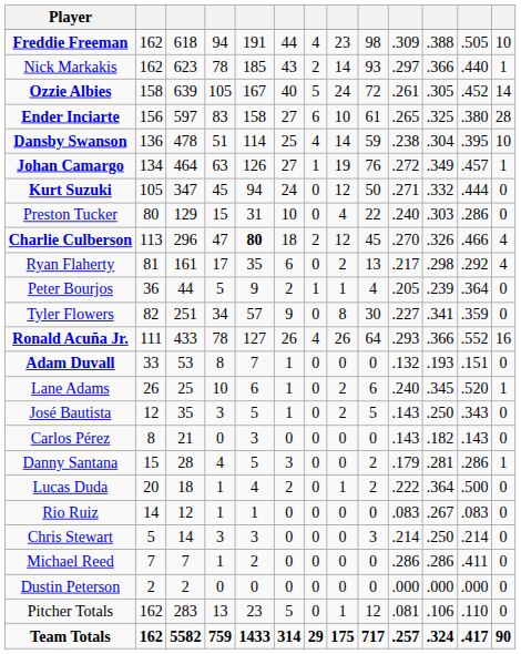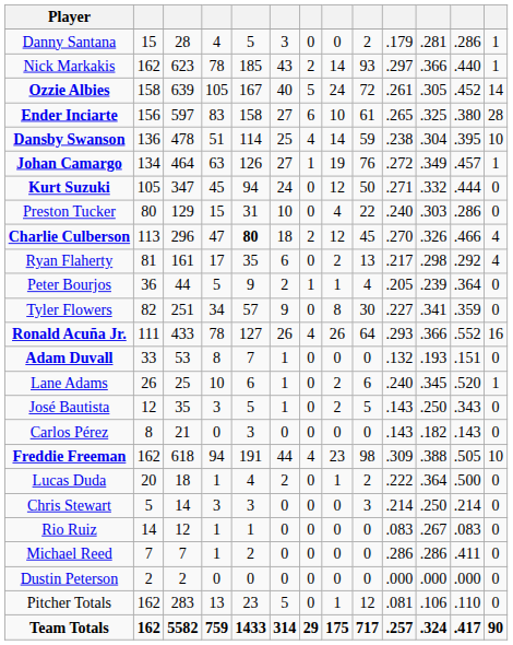 <table class="wikitable sortable" style="text-align:center;">
 <tr>
 <th>Player</th>
 <th></th>
 <th></th>
 <th></th>
 <th></th>
 <th></th>
 <th></th>
 <th></th>
 <th></th>
 <th></th>
 <th></th>
 <th></th>
 <th></th>
 </tr>
 <tr>
 </tr>
-<tr class="sortbottom|}">
-<td><strong><a href='#'>Freddie Freeman</a></strong></td>
-<td>162</td>
-<td>618</td>
-<td>94</td>
-<td>191</td>
-<td>44</td>
+<tr>
+<td><a href='#'>Danny Santana</a></td>
+<td>15</td>
+<td>28</td>
 <td>4</td>
-<td>23</td>
-<td>98</td>
-<td>.309</td>
-<td>.388</td>
-<td>.505</td>
-<td>10</td>
+<td>5</td>
+<td>3</td>
+<td>0</td>
+<td>0</td>
+<td>2</td>
+<td>.179</td>
+<td>.281</td>
+<td>.286</td>
+<td>1</td>
 </tr>
 <tr>
 <td><a href='#'>Nick Markakis</a></td>
 <td>162</td>
 <td>623</td>
 <td>78</td>
 <td>185</td>
 <td>43</td>
 <td>2</td>
 <td>14</td>
 <td>93</td>
 <td>.297</td>
 <td>.366</td>
 <td>.440</td>
 <td>1</td>
 </tr>
 <tr>
 <td><strong><a href='#'>Ozzie Albies</a></strong></td>
 <td>158</td>
 <td>639</td>
 <td>105</td>
 <td>167</td>
 <td>40</td>
 <td>5</td>
 <td>24</td>
 <td>72</td>
 <td>.261</td>
 <td>.305</td>
 <td>.452</td>
 <td>14</td>
 </tr>
 <tr>
 <td><strong><a href='#'>Ender Inciarte</a></strong></td>
 <td>156</td>
 <td>597</td>
 <td>83</td>
 <td>158</td>
 <td>27</td>
 <td>6</td>
 <td>10</td>
 <td>61</td>
 <td>.265</td>
 <td>.325</td>
 <td>.380</td>
 <td>28</td>
 </tr>
 <tr>
 <td><strong><a href='#'>Dansby Swanson</a></strong></td>
 <td>136</td>
 <td>478</td>
 <td>51</td>
 <td>114</td>
 <td>25</td>
 <td>4</td>
 <td>14</td>
 <td>59</td>
 <td>.238</td>
 <td>.304</td>
 <td>.395</td>
 <td>10</td>
 </tr>
 <tr>
 <td><strong><a href='#'>Johan Camargo</a></strong></td>
 <td>134</td>
 <td>464</td>
 <td>63</td>
 <td>126</td>
 <td>27</td>
 <td>1</td>
 <td>19</td>
 <td>76</td>
 <td>.272</td>
 <td>.349</td>
 <td>.457</td>
 <td>1</td>
 </tr>
 <tr>
 <td><strong><a href='#'>Kurt Suzuki</a></strong></td>
 <td>105</td>
 <td>347</td>
 <td>45</td>
 <td>94</td>
 <td>24</td>
 <td>0</td>
 <td>12</td>
 <td>50</td>
 <td>.271</td>
 <td>.332</td>
 <td>.444</td>
 <td>0</td>
 </tr>
 <tr>
 <td><a href='#'>Preston Tucker</a></td>
 <td>80</td>
 <td>129</td>
 <td>15</td>
 <td>31</td>
 <td>10</td>
 <td>0</td>
 <td>4</td>
 <td>22</td>
 <td>.240</td>
 <td>.303</td>
 <td>.286</td>
 <td>0</td>
 </tr>
 <tr>
 <td><strong><a href='#'>Charlie Culberson</a></strong></td>
 <td>113</td>
 <td>296</td>
 <td>47</td>
 <td><strong>80</strong></td>
 <td>18</td>
 <td>2</td>
 <td>12</td>
 <td>45</td>
 <td>.270</td>
 <td>.326</td>
 <td>.466</td>
 <td>4</td>
 </tr>
 <tr>
 <td><a href='#'>Ryan Flaherty</a></td>
 <td>81</td>
 <td>161</td>
 <td>17</td>
 <td>35</td>
 <td>6</td>
 <td>0</td>
 <td>2</td>
 <td>13</td>
 <td>.217</td>
 <td>.298</td>
 <td>.292</td>
 <td>4</td>
 </tr>
 <tr>
 <td><a href='#'>Peter Bourjos</a></td>
 <td>36</td>
 <td>44</td>
 <td>5</td>
 <td>9</td>
 <td>2</td>
 <td>1</td>
 <td>1</td>
 <td>4</td>
 <td>.205</td>
 <td>.239</td>
 <td>.364</td>
 <td>0</td>
 </tr>
 <tr>
 <td><a href='#'>Tyler Flowers</a></td>
 <td>82</td>
 <td>251</td>
 <td>34</td>
 <td>57</td>
 <td>9</td>
 <td>0</td>
 <td>8</td>
 <td>30</td>
 <td>.227</td>
 <td>.341</td>
 <td>.359</td>
 <td>0</td>
 </tr>
 <tr>
 <td><strong><a href='#'> Ronald Acuña Jr.</a></strong></td>
 <td>111</td>
 <td>433</td>
 <td>78</td>
 <td>127</td>
 <td>26</td>
 <td>4</td>
 <td>26</td>
 <td>64</td>
 <td>.293</td>
 <td>.366</td>
 <td>.552</td>
 <td>16</td>
 </tr>
 <tr>
 <td><strong><a href='#'>Adam Duvall</a></strong></td>
 <td>33</td>
 <td>53</td>
 <td>8</td>
 <td>7</td>
 <td>1</td>
 <td>0</td>
 <td>0</td>
 <td>0</td>
 <td>.132</td>
 <td>.193</td>
 <td>.151</td>
 <td>0</td>
 </tr>
 <tr>
 <td><a href='#'>Lane Adams</a></td>
 <td>26</td>
 <td>25</td>
 <td>10</td>
 <td>6</td>
 <td>1</td>
 <td>0</td>
 <td>2</td>
 <td>6</td>
 <td>.240</td>
 <td>.345</td>
 <td>.520</td>
 <td>1</td>
 </tr>
 <tr>
 <td><a href='#'>José Bautista</a></td>
 <td>12</td>
 <td>35</td>
 <td>3</td>
 <td>5</td>
 <td>1</td>
 <td>0</td>
 <td>2</td>
 <td>5</td>
 <td>.143</td>
 <td>.250</td>
 <td>.343</td>
 <td>0</td>
 </tr>
 <tr>
 <td><a href='#'>Carlos Pérez</a></td>
 <td>8</td>
 <td>21</td>
 <td>0</td>
 <td>3</td>
 <td>0</td>
 <td>0</td>
 <td>0</td>
 <td>0</td>
 <td>.143</td>
 <td>.182</td>
 <td>.143</td>
 <td>0</td>
 </tr>
-<tr>
-<td><a href='#'>Danny Santana</a></td>
-<td>15</td>
-<td>28</td>
+<tr class="sortbottom|}">
+<td><strong><a href='#'>Freddie Freeman</a></strong></td>
+<td>162</td>
+<td>618</td>
+<td>94</td>
+<td>191</td>
+<td>44</td>
 <td>4</td>
-<td>5</td>
-<td>3</td>
-<td>0</td>
-<td>0</td>
-<td>2</td>
-<td>.179</td>
-<td>.281</td>
-<td>.286</td>
-<td>1</td>
+<td>23</td>
+<td>98</td>
+<td>.309</td>
+<td>.388</td>
+<td>.505</td>
+<td>10</td>
 </tr>
 <tr>
 <td><a href='#'>Lucas Duda</a></td>
 <td>20</td>
 <td>18</td>
 <td>1</td>
 <td>4</td>
 <td>2</td>
 <td>0</td>
 <td>1</td>
 <td>2</td>
 <td>.222</td>
 <td>.364</td>
 <td>.500</td>
 <td>0</td>
 </tr>
 <tr>
+<td><a href='#'>Chris Stewart</a></td>
+<td>5</td>
+<td>14</td>
+<td>3</td>
+<td>3</td>
+<td>0</td>
+<td>0</td>
+<td>0</td>
+<td>3</td>
+<td>.214</td>
+<td>.250</td>
+<td>.214</td>
+<td>0</td>
+</tr>
+<tr>
 <td><a href='#'>Rio Ruiz</a></td>
 <td>14</td>
 <td>12</td>
 <td>1</td>
 <td>1</td>
 <td>0</td>
 <td>0</td>
 <td>0</td>
 <td>0</td>
 <td>.083</td>
 <td>.267</td>
 <td>.083</td>
-<td>0</td>
-</tr>
-<tr>
-<td><a href='#'>Chris Stewart</a></td>
-<td>5</td>
-<td>14</td>
-<td>3</td>
-<td>3</td>
-<td>0</td>
-<td>0</td>
-<td>0</td>
-<td>3</td>
-<td>.214</td>
-<td>.250</td>
-<td>.214</td>
 <td>0</td>
 </tr>
 <tr>
 <td><a href='#'>Michael Reed</a></td>
 <td>7</td>
 <td>7</td>
 <td>1</td>
 <td>2</td>
 <td>0</td>
 <td>0</td>
 <td>0</td>
 <td>0</td>
 <td>.286</td>
 <td>.286</td>
 <td>.411</td>
 <td>0</td>
 </tr>
 <tr>
 <td><a href='#'>Dustin Peterson</a></td>
 <td>2</td>
 <td>2</td>
 <td>0</td>
 <td>0</td>
 <td>0</td>
 <td>0</td>
 <td>0</td>
 <td>0</td>
 <td>.000</td>
 <td>.000</td>
 <td>.000</td>
 <td>0</td>
 </tr>
 <tr>
 <td>Pitcher Totals</td>
 <td>162</td>
 <td>283</td>
 <td>13</td>
 <td>23</td>
 <td>5</td>
 <td>0</td>
 <td>1</td>
 <td>12</td>
 <td>.081</td>
 <td>.106</td>
 <td>.110</td>
 <td>0</td>
 </tr>
 <tr>
 <td><strong>Team Totals</strong></td>
 <td><strong>162</strong></td>
 <td><strong>5582</strong></td>
 <td><strong>759</strong></td>
 <td><strong>1433</strong></td>
 <td><strong>314</strong></td>
 <td><strong>29</strong></td>
 <td><strong>175</strong></td>
 <td><strong>717</strong></td>
 <td><strong>.257</strong></td>
 <td><strong>.324</strong></td>
 <td><strong>.417</strong></td>
 <td><strong>90</strong></td>
 </tr>
 </table>
